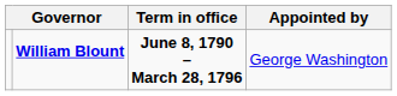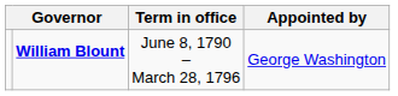 <table class="wikitable sortable" style="text-align:center;">
 <tr>
 <th scope="colgroup" colspan="2">Governor</th>
 <th scope="col">Term in office</th>
 <th scope="col">Appointed by</th>
 </tr>
 <tr style="height:2em;">
 <td></td>
 <td><strong><a href='#'>William Blount</a></strong><br><br></td>
-<td><strong>June 8, 1790<br>–<br>March 28, 1796<br></strong></td>
+<td>June 8, 1790<br>–<br>March 28, 1796<br></td>
 <td><a href='#'>George Washington</a></td>
 </tr>
 </table>
